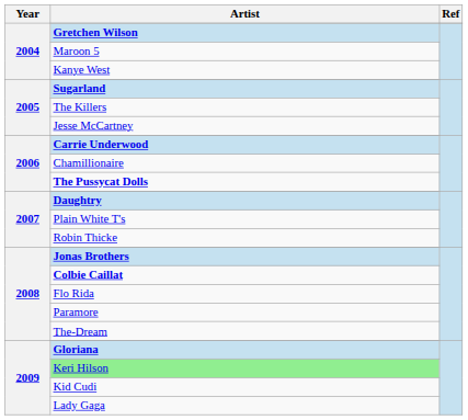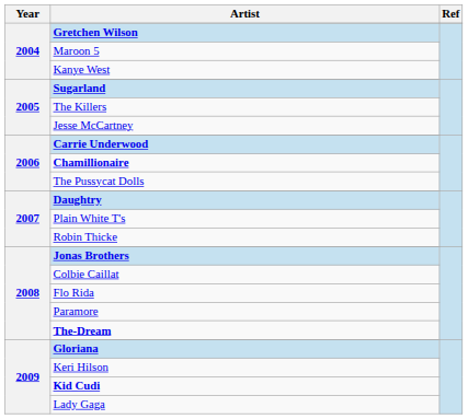 <table class="wikitable" width="100%">
 <tr>
 <th width="10%">Year</th>
 <th width="85%">Artist</th>
 <th width="5%">Ref</th>
 </tr>
 <tr>
 <th rowspan="4" align="center"><a href='#'>2004<br></a></th>
 </tr>
 <tr style="background:#c5e1f0">
 <td><strong><a href='#'>Gretchen Wilson</a></strong></td>
 <td rowspan="4" align="center"></td>
 </tr>
 <tr>
 <td><a href='#'>Maroon 5</a></td>
 </tr>
 <tr>
 <td><a href='#'>Kanye West</a></td>
 </tr>
 <tr>
 <th rowspan="4" align="center"><a href='#'>2005<br></a></th>
 </tr>
 <tr style="background:#c5e1f0">
 <td><strong><a href='#'>Sugarland</a></strong></td>
 <td rowspan="4" align="center"></td>
 </tr>
 <tr>
 <td><a href='#'>The Killers</a></td>
 </tr>
 <tr>
 <td><a href='#'>Jesse McCartney</a></td>
 </tr>
 <tr>
 <th rowspan="4" align="center"><a href='#'>2006<br></a></th>
 </tr>
 <tr style="background:#c5e1f0">
 <td><strong><a href='#'>Carrie Underwood</a></strong></td>
 <td rowspan="4" align="center"></td>
 </tr>
 <tr>
-<td><a href='#'>Chamillionaire</a></td>
+<td><strong><a href='#'>Chamillionaire</a></strong></td>
 </tr>
 <tr>
-<td><strong><a href='#'>The Pussycat Dolls</a></strong></td>
+<td><a href='#'>The Pussycat Dolls</a></td>
 </tr>
 <tr>
 <th rowspan="4" align="center"><a href='#'>2007<br></a></th>
 </tr>
 <tr style="background:#c5e1f0">
 <td><strong><a href='#'>Daughtry</a></strong></td>
 <td rowspan="4" align="center"></td>
 </tr>
 <tr>
 <td><a href='#'>Plain White T's</a></td>
 </tr>
 <tr>
 <td><a href='#'>Robin Thicke</a></td>
 </tr>
 <tr>
 <th rowspan="6" align="center"><a href='#'>2008<br></a></th>
 </tr>
 <tr style="background:#c5e1f0">
 <td><strong><a href='#'>Jonas Brothers</a></strong></td>
 <td rowspan="6" align="center"></td>
 </tr>
 <tr>
-<td><strong><a href='#'>Colbie Caillat</a></strong></td>
+<td><a href='#'>Colbie Caillat</a></td>
 </tr>
 <tr>
 <td><a href='#'>Flo Rida</a></td>
 </tr>
 <tr>
 <td><a href='#'>Paramore</a></td>
 </tr>
 <tr>
-<td><a href='#'>The-Dream</a></td>
+<td><strong><a href='#'>The-Dream</a></strong></td>
 </tr>
 <tr>
 <th rowspan="5" align="center"><a href='#'>2009<br></a></th>
 </tr>
 <tr style="background:#c5e1f0">
 <td><strong><a href='#'>Gloriana</a></strong></td>
 <td rowspan="5" align="center"></td>
 </tr>
 <tr>
-<td style="background: lightgreen;"><a href='#'>Keri Hilson</a></td>
+<td><a href='#'>Keri Hilson</a></td>
 </tr>
 <tr>
-<td><a href='#'>Kid Cudi</a></td>
+<td><strong><a href='#'>Kid Cudi</a></strong></td>
 </tr>
 <tr>
 <td><a href='#'>Lady Gaga</a></td>
 </tr>
 </table>
